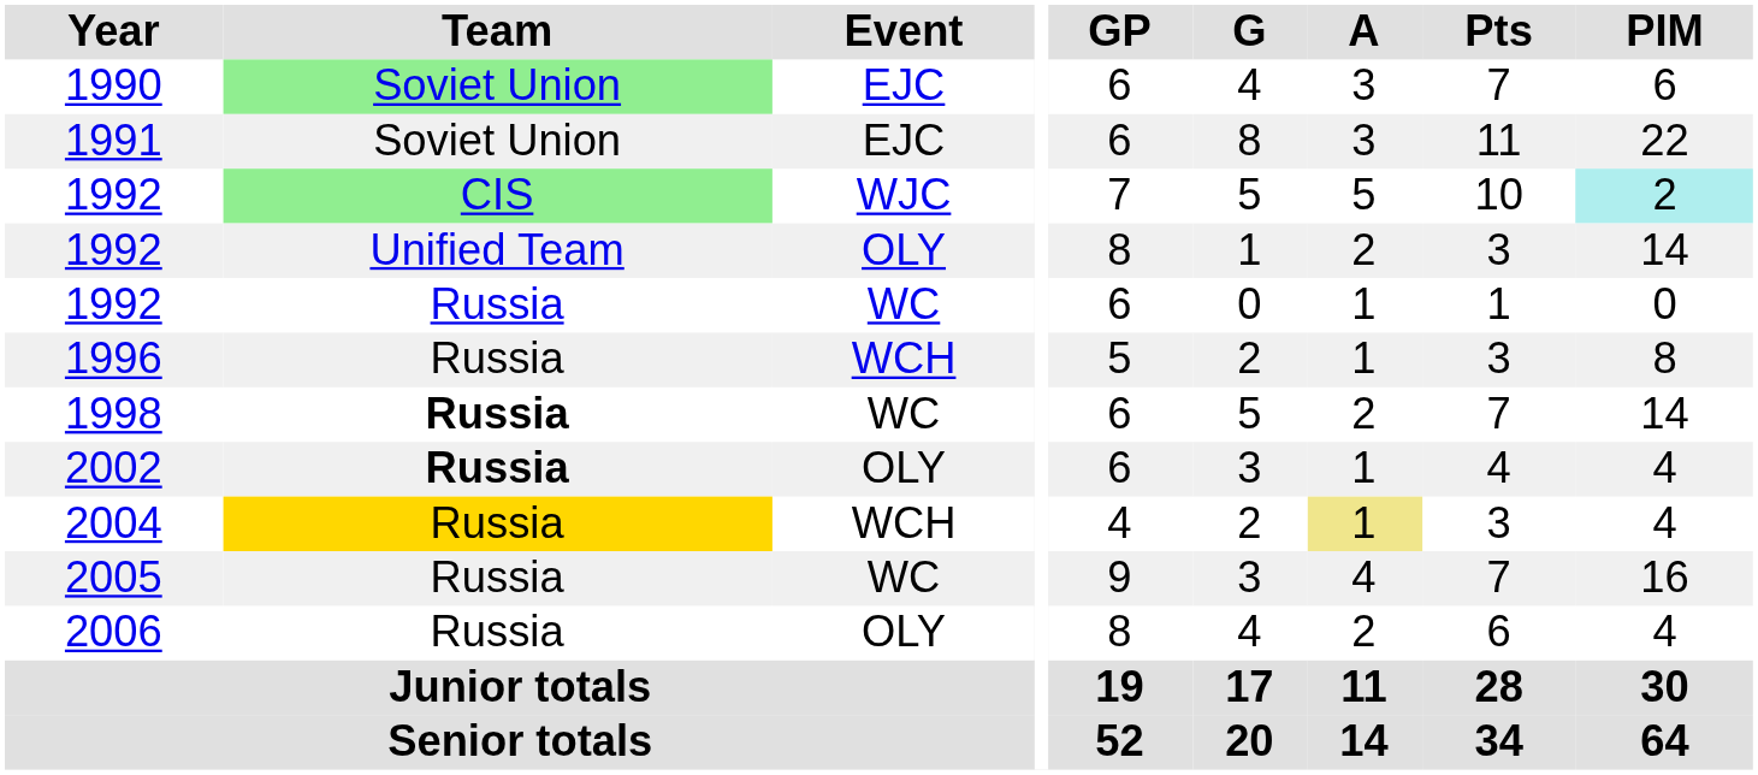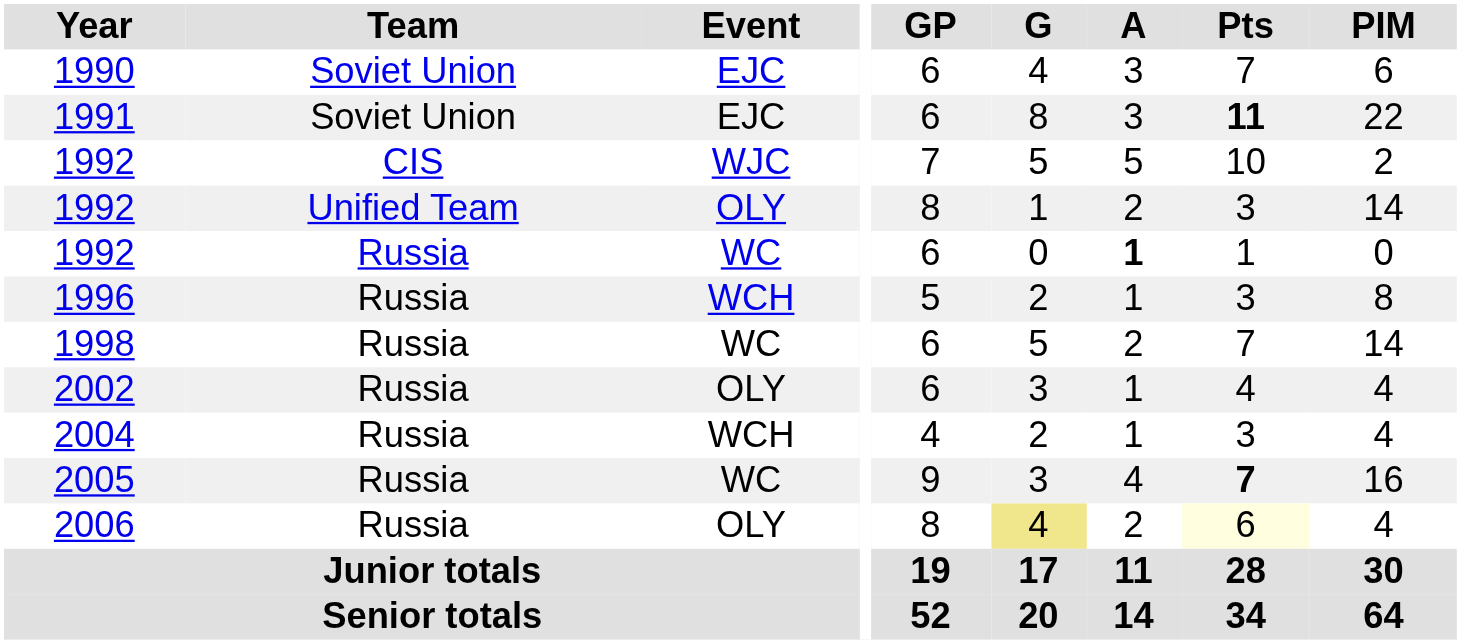 <table border="0" cellpadding="1" cellspacing="0" ID="Table3" style="text-align:center; width:40em">
 <tr bgcolor="#e0e0e0">
 <th>Year</th>
 <th>Team</th>
 <th>Event</th>
 <th rowspan="102" bgcolor="#ffffff"></th>
 <th>GP</th>
 <th>G</th>
 <th>A</th>
 <th>Pts</th>
 <th>PIM</th>
 </tr>
 <tr>
 <td><a href='#'>1990</a></td>
-<td style="background: lightgreen;"><a href='#'>Soviet Union</a></td>
+<td><a href='#'>Soviet Union</a></td>
 <td><a href='#'>EJC</a></td>
 <td>6</td>
 <td>4</td>
 <td>3</td>
 <td>7</td>
 <td>6</td>
 </tr>
 <tr bgcolor="#f0f0f0">
 <td><a href='#'>1991</a></td>
 <td>Soviet Union</td>
 <td>EJC</td>
 <td>6</td>
 <td>8</td>
 <td>3</td>
-<td>11</td>
+<td><strong>11</strong></td>
 <td>22</td>
 </tr>
 <tr>
 <td><a href='#'>1992</a></td>
-<td style="background: lightgreen;"><a href='#'>CIS</a></td>
+<td><a href='#'>CIS</a></td>
 <td><a href='#'>WJC</a></td>
 <td>7</td>
 <td>5</td>
 <td>5</td>
 <td>10</td>
-<td style="background: paleturquoise;">2</td>
+<td>2</td>
 </tr>
 <tr bgcolor=f0f0f0>
 <td><a href='#'>1992</a></td>
 <td><a href='#'>Unified Team</a></td>
 <td><a href='#'>OLY</a></td>
 <td>8</td>
 <td>1</td>
 <td>2</td>
 <td>3</td>
 <td>14</td>
 </tr>
 <tr>
 <td><a href='#'>1992</a></td>
 <td><a href='#'>Russia</a></td>
 <td><a href='#'>WC</a></td>
 <td>6</td>
 <td>0</td>
-<td>1</td>
+<td><strong>1</strong></td>
 <td>1</td>
 <td>0</td>
 </tr>
 <tr bgcolor="#f0f0f0">
 <td><a href='#'>1996</a></td>
 <td>Russia</td>
 <td><a href='#'>WCH</a></td>
 <td>5</td>
 <td>2</td>
 <td>1</td>
 <td>3</td>
 <td>8</td>
 </tr>
 <tr>
 <td><a href='#'>1998</a></td>
-<td><strong>Russia</strong></td>
+<td>Russia</td>
 <td>WC</td>
 <td>6</td>
 <td>5</td>
 <td>2</td>
 <td>7</td>
 <td>14</td>
 </tr>
 <tr bgcolor="#f0f0f0">
 <td><a href='#'>2002</a></td>
-<td><strong>Russia</strong></td>
+<td>Russia</td>
 <td>OLY</td>
 <td>6</td>
 <td>3</td>
 <td>1</td>
 <td>4</td>
 <td>4</td>
 </tr>
 <tr>
 <td><a href='#'>2004</a></td>
-<td style="background: gold;">Russia</td>
+<td>Russia</td>
 <td>WCH</td>
 <td>4</td>
 <td>2</td>
-<td style="background: khaki;">1</td>
+<td>1</td>
 <td>3</td>
 <td>4</td>
 </tr>
 <tr bgcolor="#f0f0f0">
 <td><a href='#'>2005</a></td>
 <td>Russia</td>
 <td>WC</td>
 <td>9</td>
 <td>3</td>
 <td>4</td>
-<td>7</td>
+<td><strong>7</strong></td>
 <td>16</td>
 </tr>
 <tr>
 <td><a href='#'>2006</a></td>
 <td>Russia</td>
 <td>OLY</td>
 <td>8</td>
-<td>4</td>
+<td style="background: khaki;">4</td>
 <td>2</td>
-<td>6</td>
+<td style="background: lightyellow;">6</td>
 <td>4</td>
 </tr>
 <tr bgcolor="#e0e0e0">
 <th colspan=3>Junior totals</th>
 <th>19</th>
 <th>17</th>
 <th>11</th>
 <th>28</th>
 <th>30</th>
 </tr>
 <tr bgcolor="#e0e0e0">
 <th colspan=3>Senior totals</th>
 <th>52</th>
 <th>20</th>
 <th>14</th>
 <th>34</th>
 <th>64</th>
 </tr>
 </table>
